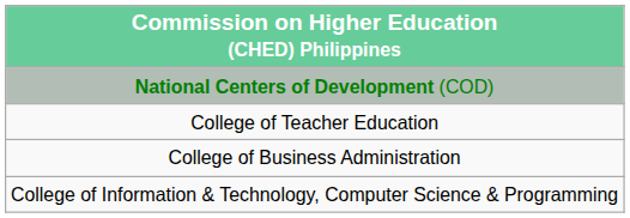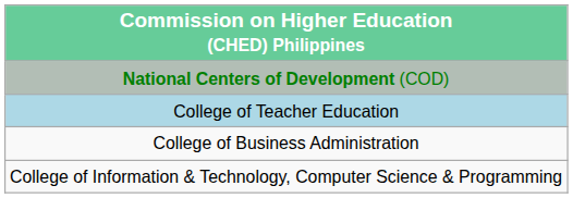 <table class="wikitable floatright">
 <tr style="color:white; background:#66CC99; text-align:center;">
 <td><strong>Commission on Higher Education <br> <small>(CHED) Philippines</small></strong></td>
 </tr>
 <tr style="color:green; background:#B2BEB5; text-align:center;">
 <td><small> <strong>National Centers of Development</strong> (COD)</small></td>
 </tr>
 <tr>
-<td style="text-align:center;"><small> College of Teacher Education </small></td>
+<td style="background: lightblue; text-align:center;"><small> College of Teacher Education </small></td>
 </tr>
 <tr>
 <td style="text-align:center;"><small>College of Business Administration</small></td>
 </tr>
 <tr>
 <td style="text-align:center;"><small>College of Information & Technology, Computer Science & Programming</small></td>
 </tr>
 </table>
